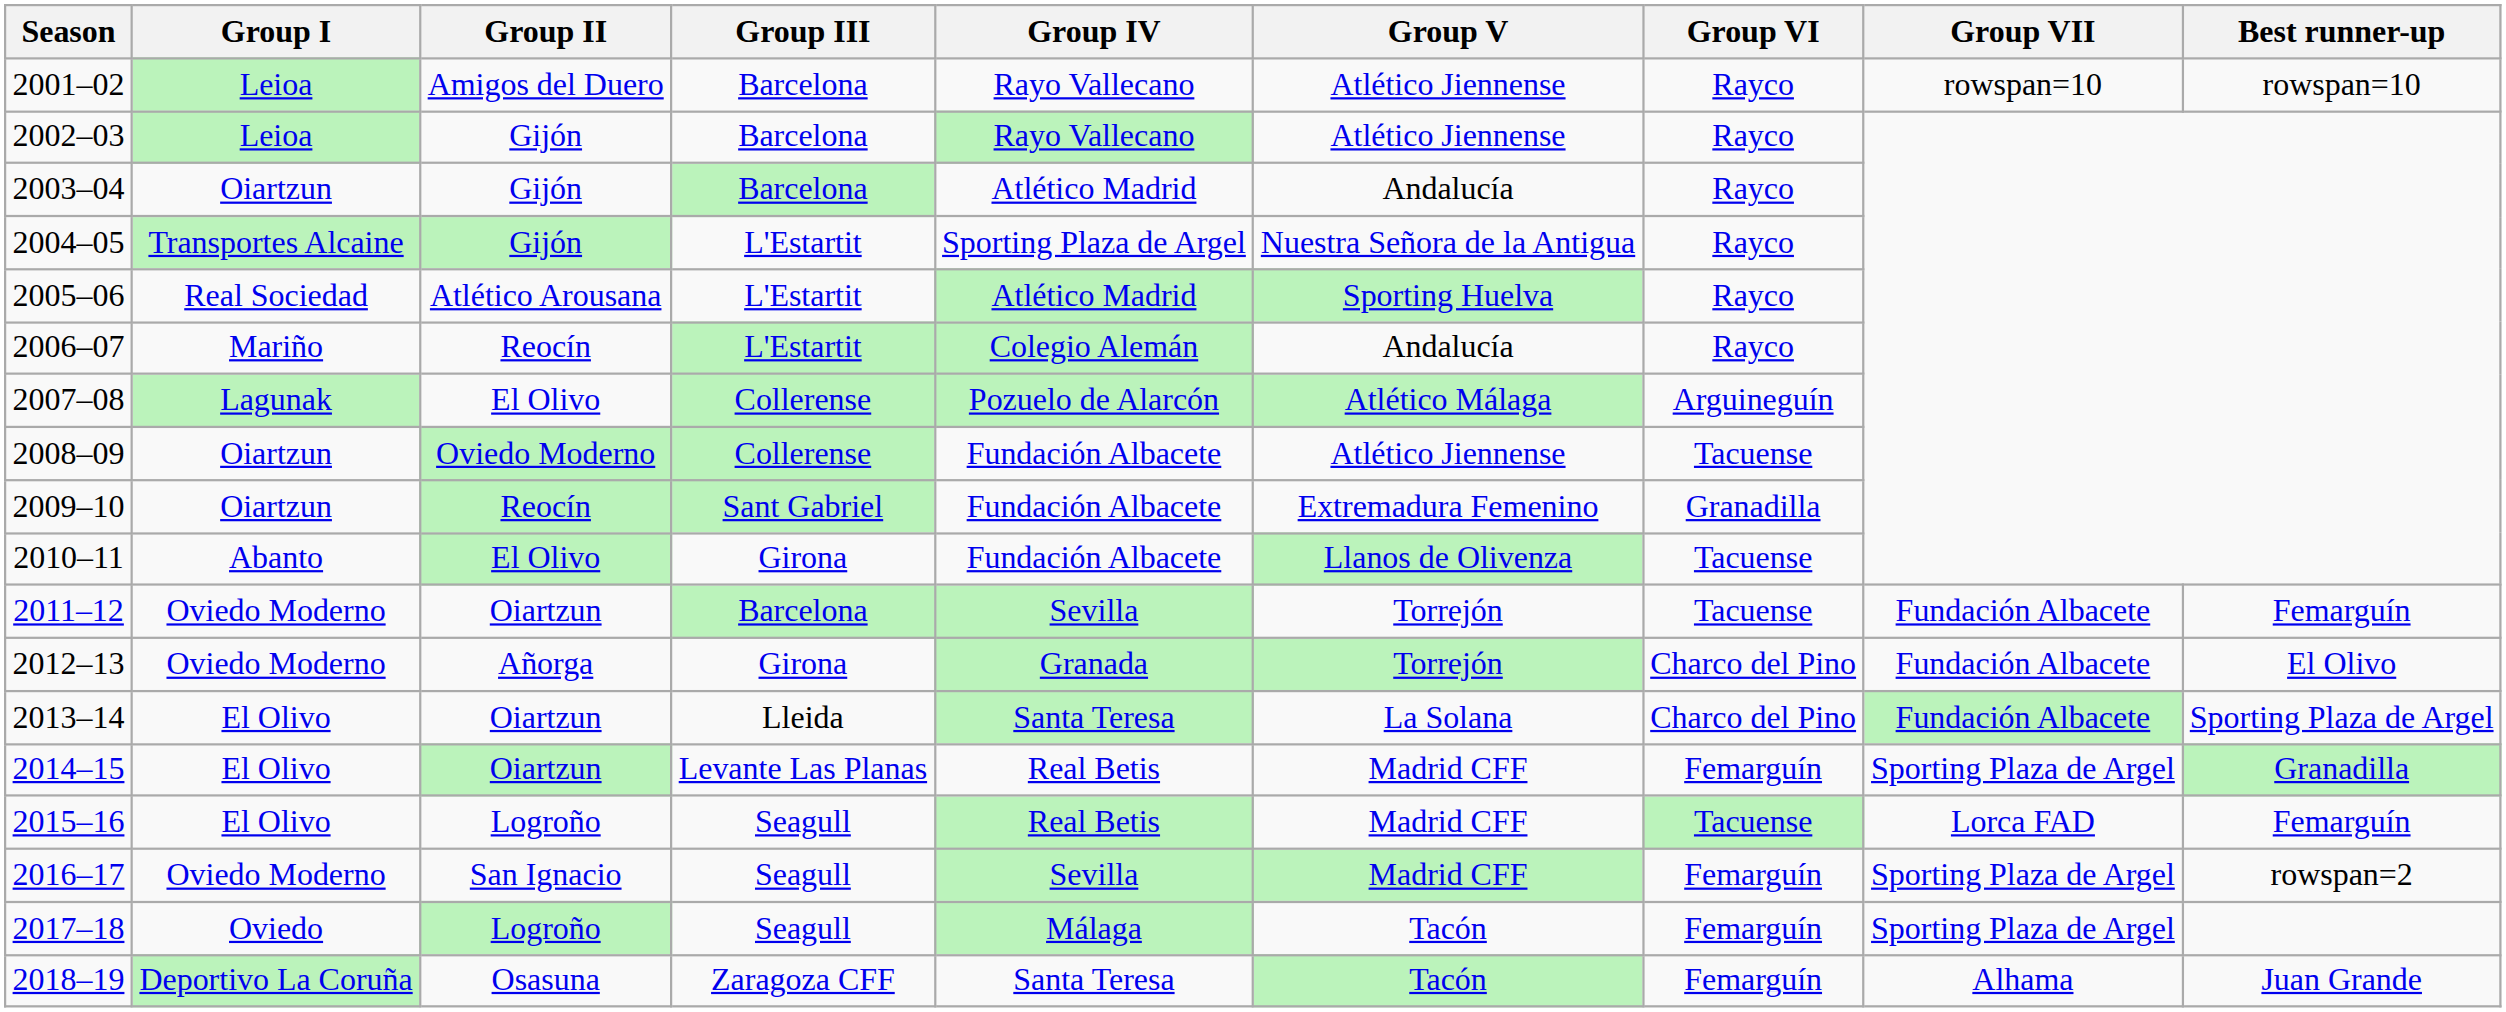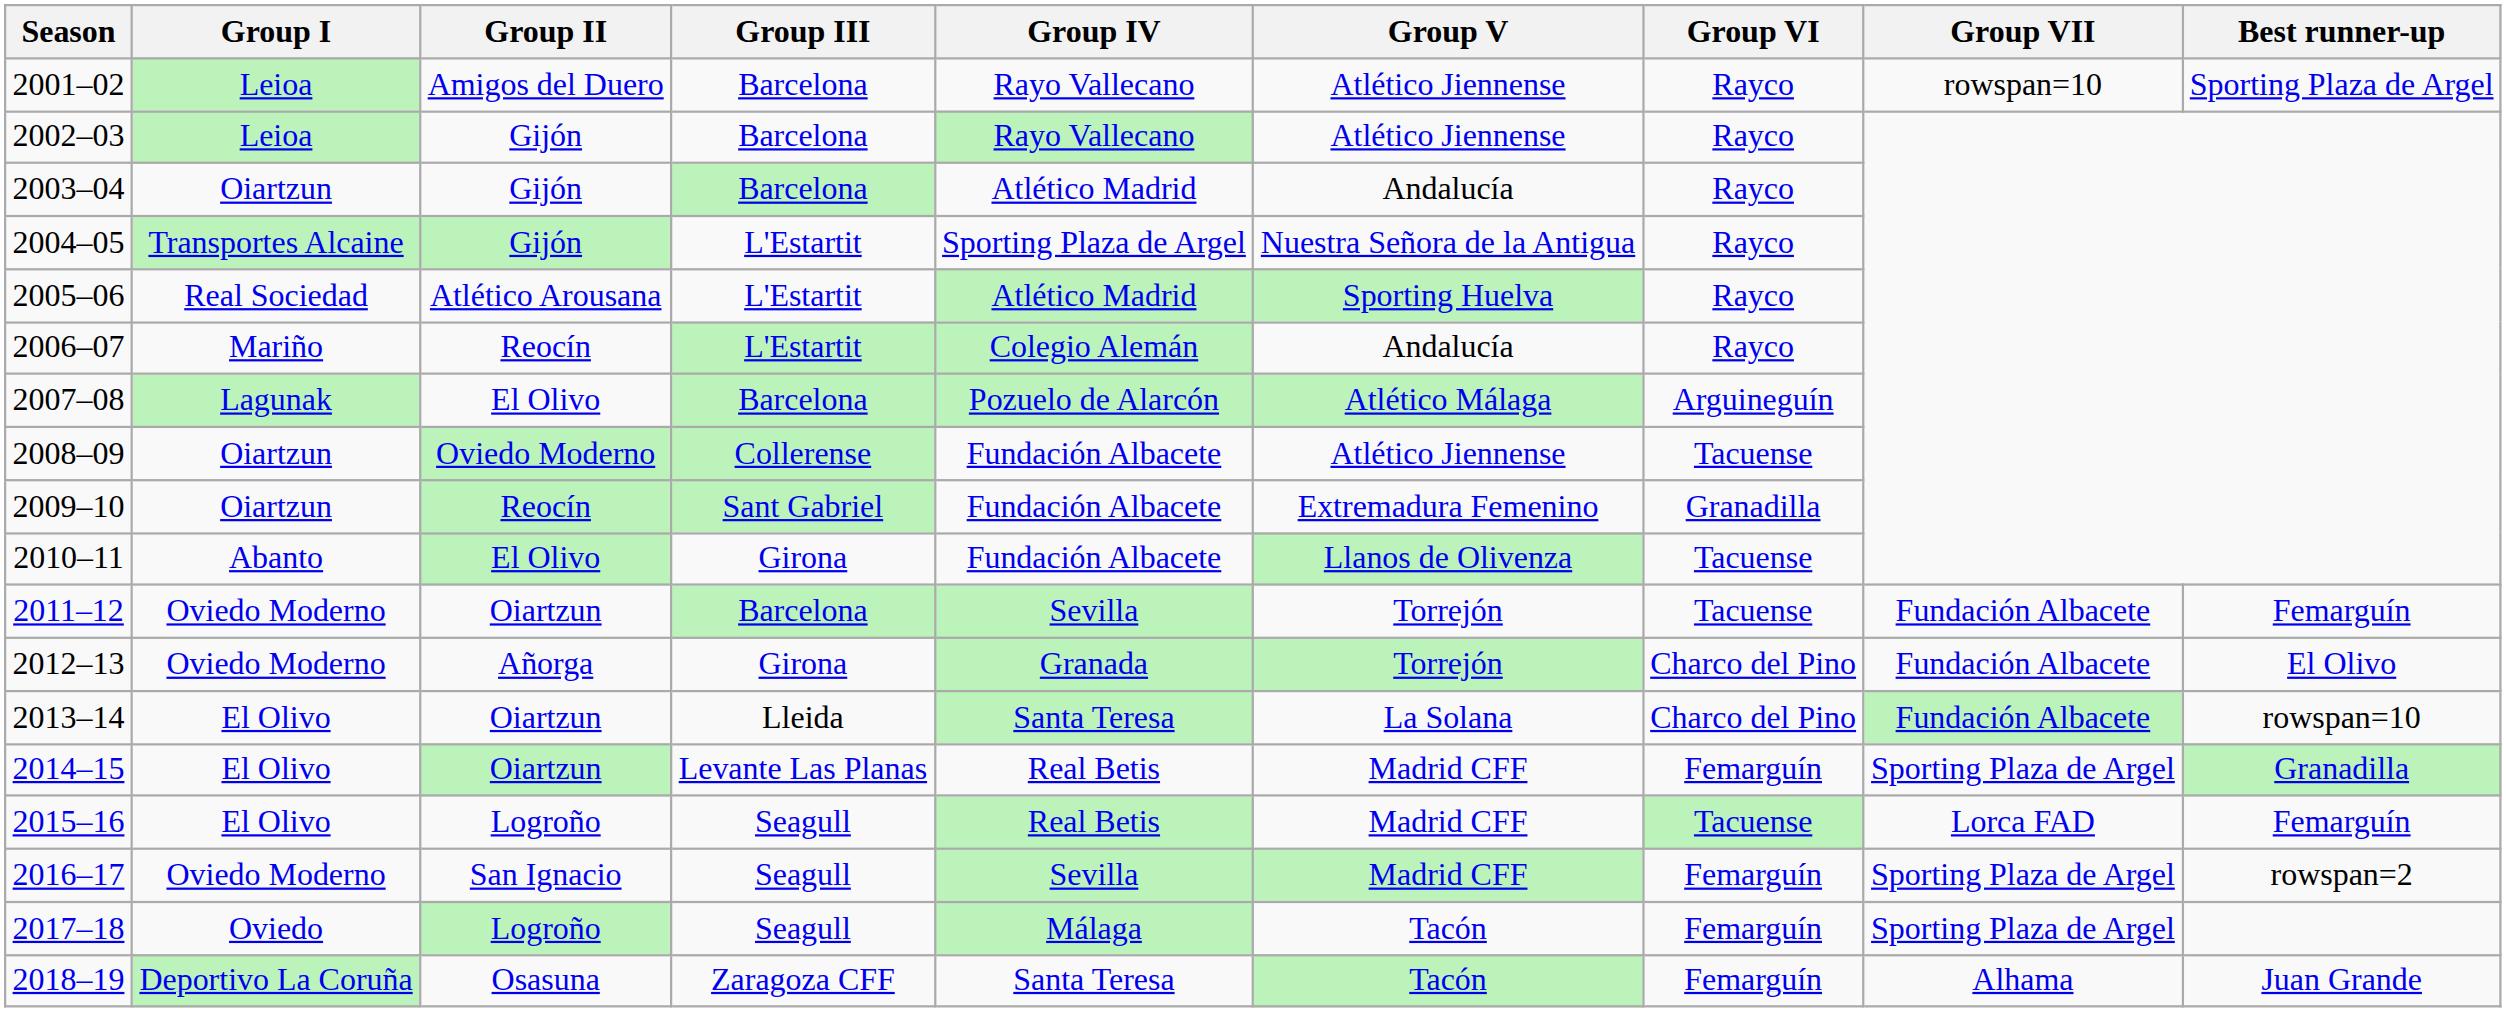 <table class="wikitable" style="text-align:center; font-size:90%">
 <tr>
 <th>Season</th>
 <th>Group I</th>
 <th>Group II</th>
 <th>Group III</th>
 <th>Group IV</th>
 <th>Group V</th>
 <th>Group VI</th>
 <th>Group VII</th>
 <th>Best runner-up</th>
 </tr>
 <tr>
 <td>2001–02</td>
 <td bgcolor=#BBF3BB><a href='#'>Leioa</a></td>
 <td><a href='#'>Amigos del Duero</a></td>
 <td><a href='#'>Barcelona</a></td>
 <td><a href='#'>Rayo Vallecano</a></td>
 <td><a href='#'>Atlético Jiennense</a></td>
 <td><a href='#'>Rayco</a></td>
 <td>rowspan=10 </td>
-<td>rowspan=10 </td>
+<td><a href='#'>Sporting Plaza de Argel</a></td>
 </tr>
 <tr>
 <td>2002–03</td>
 <td bgcolor=#BBF3BB><a href='#'>Leioa</a></td>
 <td><a href='#'>Gijón</a></td>
 <td><a href='#'>Barcelona</a></td>
 <td bgcolor=#BBF3BB><a href='#'>Rayo Vallecano</a></td>
 <td><a href='#'>Atlético Jiennense</a></td>
 <td><a href='#'>Rayco</a></td>
 </tr>
 <tr>
 <td>2003–04</td>
 <td><a href='#'>Oiartzun</a></td>
 <td><a href='#'>Gijón</a></td>
 <td bgcolor=#BBF3BB><a href='#'>Barcelona</a></td>
 <td><a href='#'>Atlético Madrid</a></td>
 <td>Andalucía</td>
 <td><a href='#'>Rayco</a></td>
 </tr>
 <tr>
 <td>2004–05</td>
 <td bgcolor=#BBF3BB><a href='#'>Transportes Alcaine</a></td>
 <td bgcolor=#BBF3BB><a href='#'>Gijón</a></td>
 <td><a href='#'>L'Estartit</a></td>
 <td><a href='#'>Sporting Plaza de Argel</a></td>
 <td><a href='#'>Nuestra Señora de la Antigua</a></td>
 <td><a href='#'>Rayco</a></td>
 </tr>
 <tr>
 <td>2005–06</td>
 <td><a href='#'>Real Sociedad</a></td>
 <td><a href='#'>Atlético Arousana</a></td>
 <td><a href='#'>L'Estartit</a></td>
 <td bgcolor=#BBF3BB><a href='#'>Atlético Madrid</a></td>
 <td bgcolor=#BBF3BB><a href='#'>Sporting Huelva</a></td>
 <td><a href='#'>Rayco</a></td>
 </tr>
 <tr>
 <td>2006–07</td>
 <td><a href='#'>Mariño</a></td>
 <td><a href='#'>Reocín</a></td>
 <td bgcolor=#BBF3BB><a href='#'>L'Estartit</a></td>
 <td bgcolor=#BBF3BB><a href='#'>Colegio Alemán</a></td>
 <td>Andalucía</td>
 <td><a href='#'>Rayco</a></td>
 </tr>
 <tr>
 <td>2007–08</td>
 <td bgcolor=#BBF3BB><a href='#'>Lagunak</a></td>
 <td><a href='#'>El Olivo</a></td>
-<td bgcolor=#BBF3BB><a href='#'>Collerense</a></td>
+<td bgcolor=#BBF3BB><a href='#'>Barcelona</a></td>
 <td bgcolor=#BBF3BB><a href='#'>Pozuelo de Alarcón</a></td>
 <td bgcolor=#BBF3BB><a href='#'>Atlético Málaga</a></td>
 <td><a href='#'>Arguineguín</a></td>
 </tr>
 <tr>
 <td>2008–09</td>
 <td><a href='#'>Oiartzun</a></td>
 <td bgcolor=#BBF3BB><a href='#'>Oviedo Moderno</a></td>
 <td bgcolor=#BBF3BB><a href='#'>Collerense</a></td>
 <td><a href='#'>Fundación Albacete</a></td>
 <td><a href='#'>Atlético Jiennense</a></td>
 <td><a href='#'>Tacuense</a></td>
 </tr>
 <tr>
 <td>2009–10</td>
 <td><a href='#'>Oiartzun</a></td>
 <td bgcolor=#BBF3BB><a href='#'>Reocín</a></td>
 <td bgcolor=#BBF3BB><a href='#'>Sant Gabriel</a></td>
 <td><a href='#'>Fundación Albacete</a></td>
 <td><a href='#'>Extremadura Femenino</a></td>
 <td><a href='#'>Granadilla</a></td>
 </tr>
 <tr>
 <td>2010–11</td>
 <td><a href='#'>Abanto</a></td>
 <td bgcolor=#BBF3BB><a href='#'>El Olivo</a></td>
 <td><a href='#'>Girona</a></td>
 <td><a href='#'>Fundación Albacete</a></td>
 <td bgcolor=#BBF3BB><a href='#'>Llanos de Olivenza</a></td>
 <td><a href='#'>Tacuense</a></td>
 </tr>
 <tr>
 <td><a href='#'>2011–12</a></td>
 <td><a href='#'>Oviedo Moderno</a></td>
 <td><a href='#'>Oiartzun</a></td>
 <td bgcolor=#BBF3BB><a href='#'>Barcelona</a></td>
 <td bgcolor=#BBF3BB><a href='#'>Sevilla</a></td>
 <td><a href='#'>Torrejón</a></td>
 <td><a href='#'>Tacuense</a></td>
 <td><a href='#'>Fundación Albacete</a></td>
 <td><a href='#'>Femarguín</a></td>
 </tr>
 <tr>
 <td>2012–13</td>
 <td><a href='#'>Oviedo Moderno</a></td>
 <td><a href='#'>Añorga</a></td>
 <td><a href='#'>Girona</a></td>
 <td bgcolor=#BBF3BB><a href='#'>Granada</a></td>
 <td bgcolor=#BBF3BB><a href='#'>Torrejón</a></td>
 <td><a href='#'>Charco del Pino</a></td>
 <td><a href='#'>Fundación Albacete</a></td>
 <td><a href='#'>El Olivo</a></td>
 </tr>
 <tr>
 <td>2013–14</td>
 <td><a href='#'>El Olivo</a></td>
 <td><a href='#'>Oiartzun</a></td>
 <td>Lleida</td>
 <td bgcolor=#BBF3BB><a href='#'>Santa Teresa</a></td>
 <td><a href='#'>La Solana</a></td>
 <td><a href='#'>Charco del Pino</a></td>
 <td bgcolor=#BBF3BB><a href='#'>Fundación Albacete</a></td>
-<td><a href='#'>Sporting Plaza de Argel</a></td>
+<td>rowspan=10 </td>
 </tr>
 <tr>
 <td><a href='#'>2014–15</a></td>
 <td><a href='#'>El Olivo</a></td>
 <td bgcolor=#BBF3BB><a href='#'>Oiartzun</a></td>
 <td><a href='#'>Levante Las Planas</a></td>
 <td><a href='#'>Real Betis</a></td>
 <td><a href='#'>Madrid CFF</a></td>
 <td><a href='#'>Femarguín</a></td>
 <td><a href='#'>Sporting Plaza de Argel</a></td>
 <td bgcolor=#BBF3BB><a href='#'>Granadilla</a></td>
 </tr>
 <tr>
 <td><a href='#'>2015–16</a></td>
 <td><a href='#'>El Olivo</a></td>
 <td><a href='#'>Logroño</a></td>
 <td><a href='#'>Seagull</a></td>
 <td bgcolor=#BBF3BB><a href='#'>Real Betis</a></td>
 <td><a href='#'>Madrid CFF</a></td>
 <td bgcolor=#BBF3BB><a href='#'>Tacuense</a></td>
 <td><a href='#'>Lorca FAD</a></td>
 <td><a href='#'>Femarguín</a></td>
 </tr>
 <tr>
 <td><a href='#'>2016–17</a></td>
 <td><a href='#'>Oviedo Moderno</a></td>
 <td><a href='#'>San Ignacio</a></td>
 <td><a href='#'>Seagull</a></td>
 <td bgcolor=#BBF3BB><a href='#'>Sevilla</a></td>
 <td bgcolor=#BBF3BB><a href='#'>Madrid CFF</a></td>
 <td><a href='#'>Femarguín</a></td>
 <td><a href='#'>Sporting Plaza de Argel</a></td>
 <td>rowspan=2 </td>
 </tr>
 <tr>
 <td><a href='#'>2017–18</a></td>
 <td><a href='#'>Oviedo</a></td>
 <td bgcolor=#BBF3BB><a href='#'>Logroño</a></td>
 <td><a href='#'>Seagull</a></td>
 <td bgcolor=#BBF3BB><a href='#'>Málaga</a></td>
 <td><a href='#'>Tacón</a></td>
 <td><a href='#'>Femarguín</a></td>
 <td><a href='#'>Sporting Plaza de Argel</a></td>
 </tr>
 <tr>
 <td><a href='#'>2018–19</a></td>
 <td bgcolor=#BBF3BB><a href='#'>Deportivo La Coruña</a></td>
 <td><a href='#'>Osasuna</a></td>
 <td><a href='#'>Zaragoza CFF</a></td>
 <td><a href='#'>Santa Teresa</a></td>
 <td bgcolor=#BBF3BB><a href='#'>Tacón</a></td>
 <td><a href='#'>Femarguín</a></td>
 <td><a href='#'>Alhama</a></td>
 <td><a href='#'>Juan Grande</a></td>
 </tr>
 </table>
